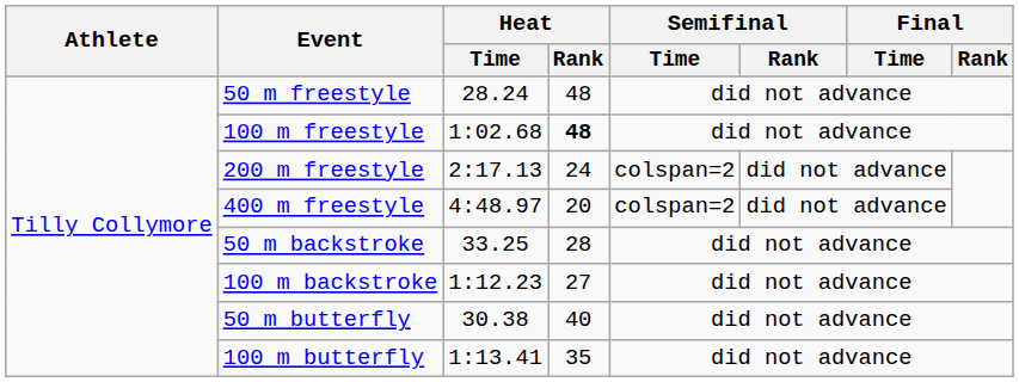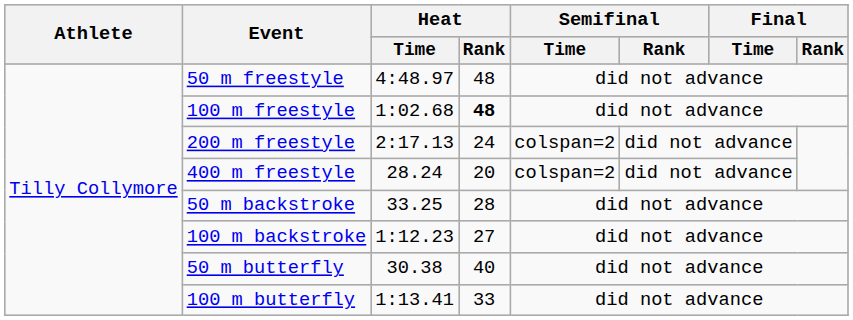 <table class=wikitable style=font-size:90%>
 <tr>
 <th rowspan=2>Athlete</th>
 <th rowspan=2>Event</th>
 <th colspan=2>Heat</th>
 <th colspan=2>Semifinal</th>
 <th colspan=2>Final</th>
 </tr>
 <tr style=font-size:95%>
 <th>Time</th>
 <th>Rank</th>
 <th>Time</th>
 <th>Rank</th>
 <th>Time</th>
 <th>Rank</th>
 </tr>
 <tr align=center>
 <td align=left rowspan=8><a href='#'>Tilly Collymore</a></td>
 <td align=left rowspan="1"><a href='#'>50 m freestyle</a></td>
-<td>28.24</td>
+<td>4:48.97</td>
 <td>48</td>
 <td colspan=4>did not advance</td>
 </tr>
 <tr align=center>
 <td align=left rowspan="1"><a href='#'>100 m freestyle</a></td>
 <td>1:02.68</td>
 <td><strong>48</strong></td>
 <td colspan=4>did not advance</td>
 </tr>
 <tr align=center>
 <td align=left rowspan="1"><a href='#'>200 m freestyle</a></td>
 <td>2:17.13</td>
 <td>24</td>
 <td>colspan=2 </td>
 <td colspan=2>did not advance</td>
 </tr>
 <tr align=center>
 <td align=left rowspan="1"><a href='#'>400 m freestyle</a></td>
-<td>4:48.97</td>
+<td>28.24</td>
 <td>20</td>
 <td>colspan=2 </td>
 <td colspan=2>did not advance</td>
 </tr>
 <tr align=center>
 <td align=left rowspan="1"><a href='#'>50 m backstroke</a></td>
 <td>33.25</td>
 <td>28</td>
 <td colspan=4>did not advance</td>
 </tr>
 <tr align=center>
 <td align=left rowspan="1"><a href='#'>100 m backstroke</a></td>
 <td>1:12.23</td>
 <td>27</td>
 <td colspan=4>did not advance</td>
 </tr>
 <tr align=center>
 <td align=left rowspan="1"><a href='#'>50 m butterfly</a></td>
 <td>30.38</td>
 <td>40</td>
 <td colspan=4>did not advance</td>
 </tr>
 <tr align=center>
 <td align=left rowspan="1"><a href='#'>100 m butterfly</a></td>
 <td>1:13.41</td>
-<td>35</td>
+<td>33</td>
 <td colspan=4>did not advance</td>
 </tr>
 </table>
